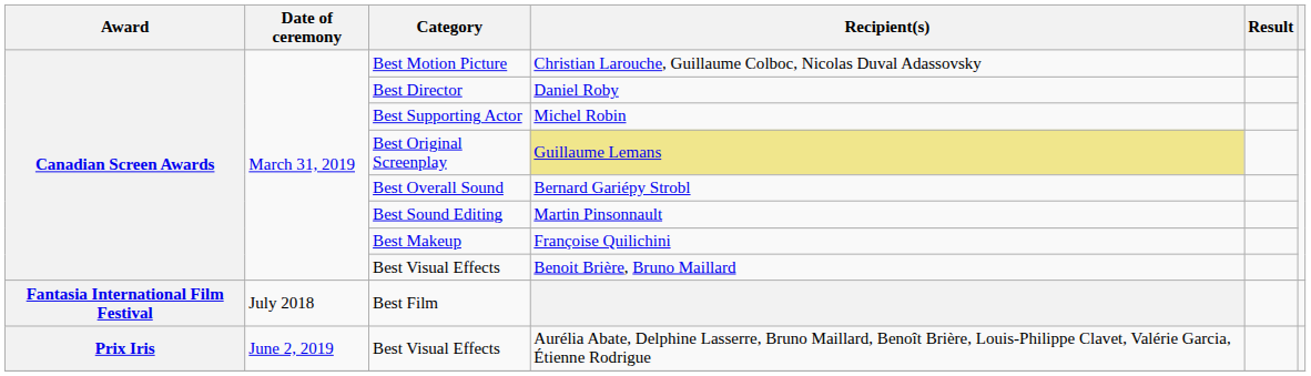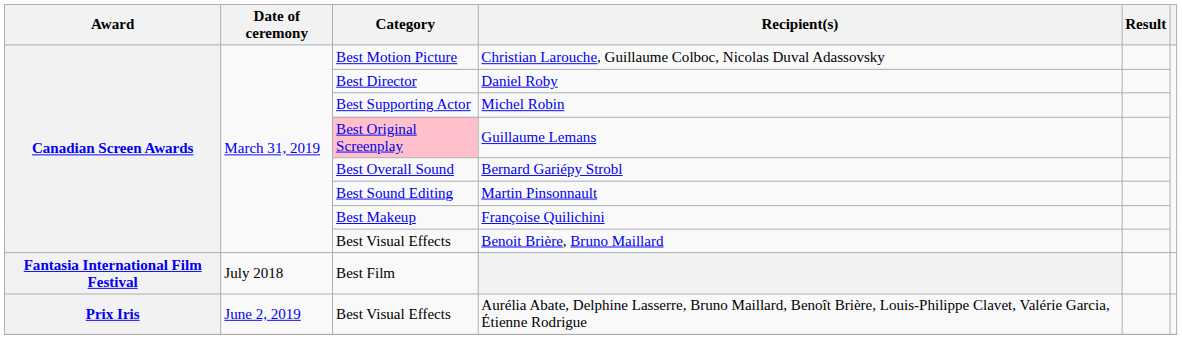 <table class="wikitable plainrowheaders sortable">
 <tr>
 <th scope="col">Award</th>
 <th scope="col">Date of ceremony</th>
 <th scope="col">Category</th>
 <th scope="col">Recipient(s)</th>
 <th scope="col">Result</th>
 <th scope="col" class="unsortable"></th>
 </tr>
 <tr>
 <th scope="row" rowspan=8><a href='#'>Canadian Screen Awards</a></th>
 <td rowspan="8"><a href='#'>March 31, 2019</a></td>
 <td><a href='#'>Best Motion Picture</a></td>
 <td><a href='#'>Christian Larouche</a>, Guillaume Colboc, Nicolas Duval Adassovsky</td>
 <td></td>
 <td rowspan="8"></td>
 </tr>
 <tr>
 <td><a href='#'>Best Director</a></td>
 <td><a href='#'>Daniel Roby</a></td>
 <td></td>
 </tr>
 <tr>
 <td><a href='#'>Best Supporting Actor</a></td>
 <td><a href='#'>Michel Robin</a></td>
 <td></td>
 </tr>
 <tr>
-<td><a href='#'>Best Original Screenplay</a></td>
-<td style="background: khaki;"><a href='#'>Guillaume Lemans</a></td>
+<td style="background: pink;"><a href='#'>Best Original Screenplay</a></td>
+<td><a href='#'>Guillaume Lemans</a></td>
 <td></td>
 </tr>
 <tr>
 <td><a href='#'>Best Overall Sound</a></td>
 <td><a href='#'>Bernard Gariépy Strobl</a></td>
 <td></td>
 </tr>
 <tr>
 <td><a href='#'>Best Sound Editing</a></td>
 <td><a href='#'>Martin Pinsonnault</a></td>
 <td></td>
 </tr>
 <tr>
 <td><a href='#'>Best Makeup</a></td>
 <td><a href='#'>Françoise Quilichini</a></td>
 <td></td>
 </tr>
 <tr>
 <td>Best Visual Effects</td>
 <td><a href='#'>Benoit Brière</a>, <a href='#'>Bruno Maillard</a></td>
 <td></td>
 </tr>
 <tr>
 <th scope="row"><a href='#'>Fantasia International Film Festival</a></th>
 <td rowspan="1">July 2018</td>
 <td>Best Film</td>
 <th></th>
 <td></td>
 <td rowspan="1"></td>
 </tr>
 <tr>
 <th scope="row"><a href='#'>Prix Iris</a></th>
 <td><a href='#'>June 2, 2019</a></td>
 <td>Best Visual Effects</td>
 <td>Aurélia Abate, Delphine Lasserre, Bruno Maillard, Benoît Brière, Louis-Philippe Clavet, Valérie Garcia, Étienne Rodrigue</td>
 <td></td>
 <td></td>
 </tr>
 <tr>
 </tr>
 </table>
